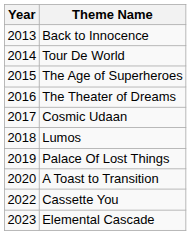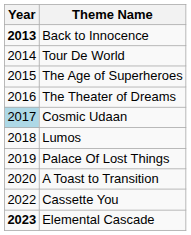 <table class="wikitable sortable">
 <tr>
 <th>Year</th>
 <th>Theme Name</th>
 </tr>
 <tr>
-<td>2013</td>
+<td><strong>2013</strong></td>
 <td>Back to Innocence </td>
 </tr>
 <tr>
 <td>2014</td>
 <td>Tour De World </td>
 </tr>
 <tr>
 <td>2015</td>
 <td>The Age of Superheroes </td>
 </tr>
 <tr>
 <td>2016</td>
 <td>The Theater of Dreams</td>
 </tr>
 <tr>
-<td>2017</td>
+<td style="background: lightblue;">2017</td>
 <td>Cosmic Udaan</td>
 </tr>
 <tr>
 <td>2018</td>
 <td>Lumos</td>
 </tr>
 <tr>
 <td>2019</td>
 <td>Palace Of Lost Things</td>
 </tr>
 <tr>
 <td>2020</td>
 <td>A Toast to Transition</td>
 </tr>
 <tr>
 <td>2022</td>
 <td>Cassette You</td>
 </tr>
 <tr>
-<td>2023</td>
+<td><strong>2023</strong></td>
 <td>Elemental Cascade</td>
 </tr>
 </table>
